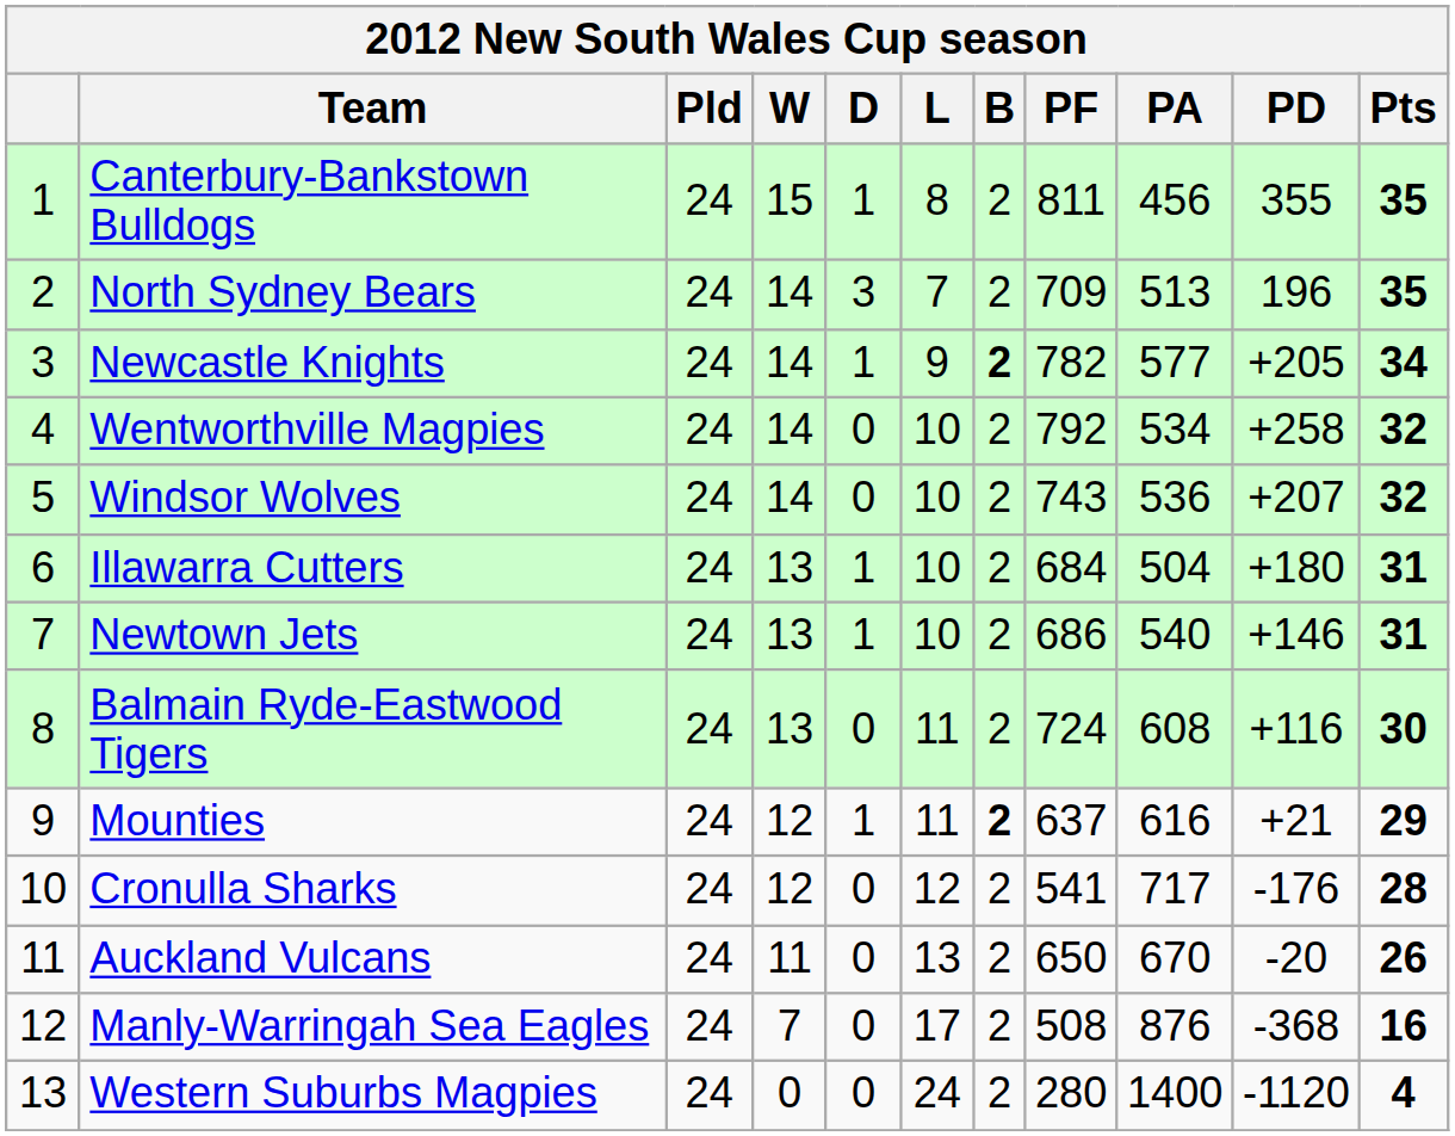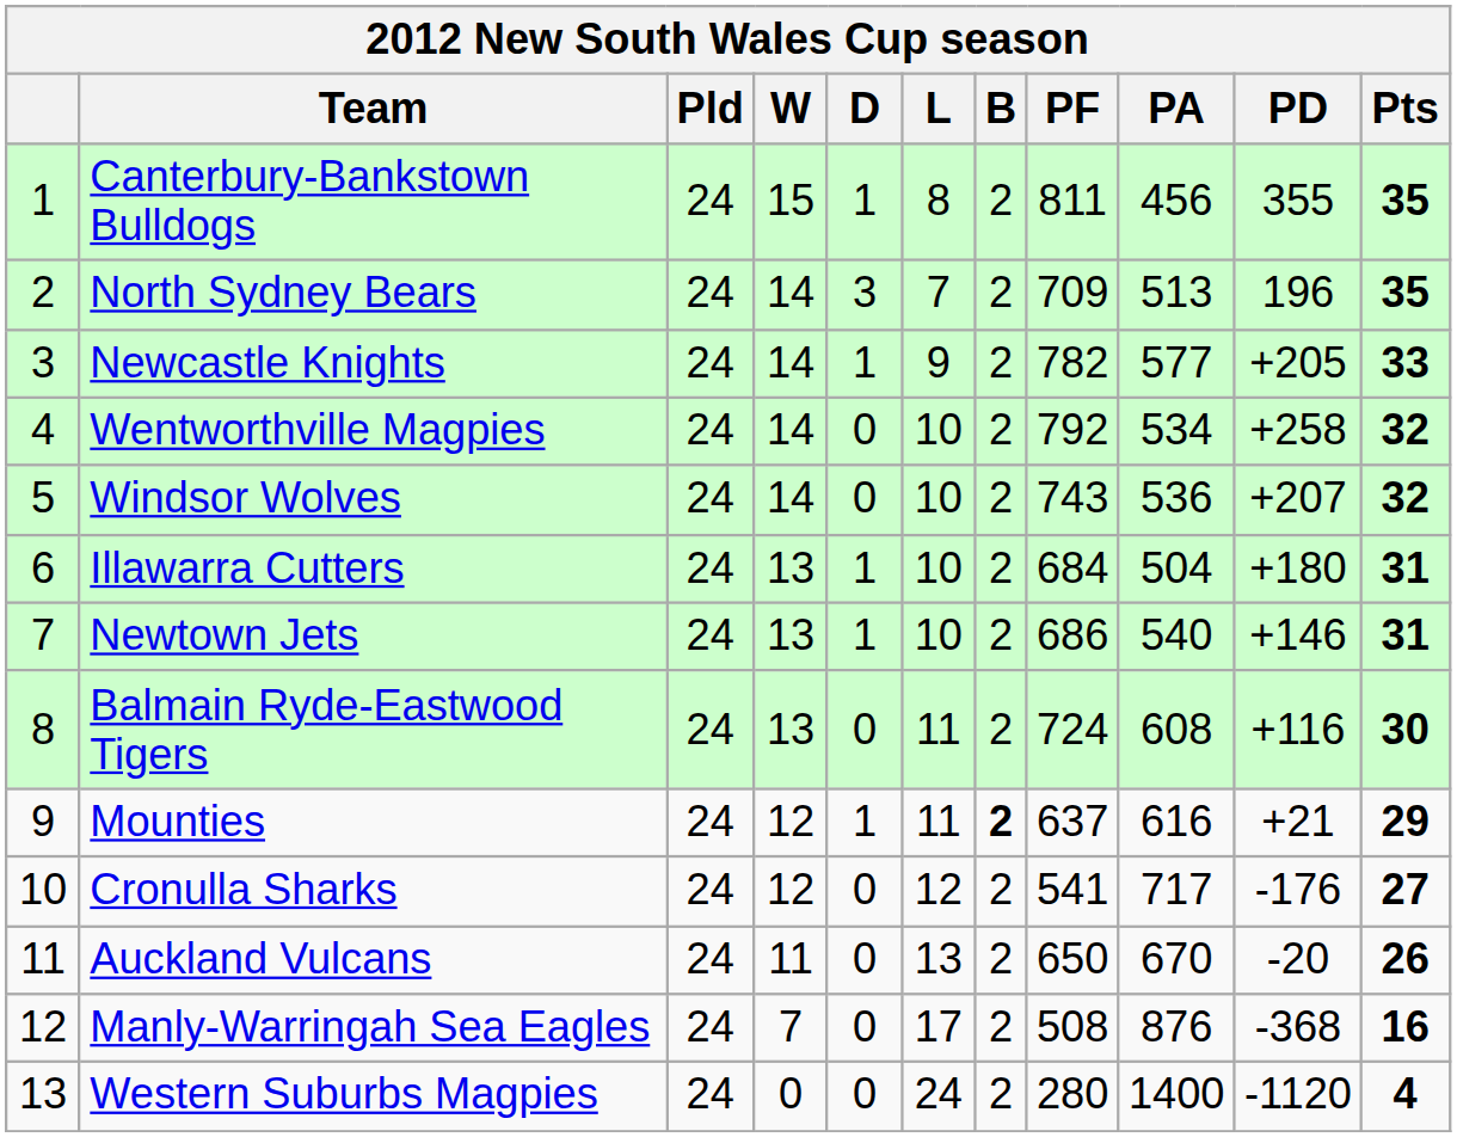 <table class="wikitable" style="text-align:center;">
 <tr>
 <th colspan="11">2012 New South Wales Cup season</th>
 </tr>
 <tr>
 <th width=20 abbr="Position"></th>
 <th width=210>Team</th>
 <th width=20 abbr="Played">Pld</th>
 <th width=20 abbr="Won">W</th>
 <th width=20 abbr="Drawn">D</th>
 <th width=20 abbr="Lost">L</th>
 <th withd=20 abbr="Byes">B</th>
 <th width=20 abbr="Points For">PF</th>
 <th width=20 abbr="Points Against">PA</th>
 <th width=30 abbr="Points Difference">PD</th>
 <th width=20 abbr="Points">Pts</th>
 </tr>
 <tr style="background: #ccffcc;">
 <td>1</td>
 <td style="text-align:left;"> <a href='#'>Canterbury-Bankstown Bulldogs</a></td>
 <td>24</td>
 <td>15</td>
 <td>1</td>
 <td>8</td>
 <td>2</td>
 <td>811</td>
 <td>456</td>
 <td>355</td>
 <td><strong>35</strong></td>
 </tr>
 <tr style="background: #ccffcc;">
 <td>2</td>
 <td style="text-align:left;"> <a href='#'>North Sydney Bears</a></td>
 <td>24</td>
 <td>14</td>
 <td>3</td>
 <td>7</td>
 <td>2</td>
 <td>709</td>
 <td>513</td>
 <td>196</td>
 <td><strong>35</strong></td>
 </tr>
 <tr style="background: #ccffcc;">
 <td>3</td>
 <td style="text-align:left;"> <a href='#'>Newcastle Knights</a></td>
 <td>24</td>
 <td>14</td>
 <td>1</td>
 <td>9</td>
-<td><strong>2</strong></td>
+<td>2</td>
 <td>782</td>
 <td>577</td>
 <td>+205</td>
-<td><strong>34</strong></td>
+<td><strong>33</strong></td>
 </tr>
 <tr style="background: #ccffcc;">
 <td>4</td>
 <td style="text-align:left;"> <a href='#'>Wentworthville Magpies</a></td>
 <td>24</td>
 <td>14</td>
 <td>0</td>
 <td>10</td>
 <td>2</td>
 <td>792</td>
 <td>534</td>
 <td>+258</td>
 <td><strong>32</strong></td>
 </tr>
 <tr style="background: #ccffcc;">
 <td>5</td>
 <td style="text-align:left;"> <a href='#'>Windsor Wolves</a></td>
 <td>24</td>
 <td>14</td>
 <td>0</td>
 <td>10</td>
 <td>2</td>
 <td>743</td>
 <td>536</td>
 <td>+207</td>
 <td><strong>32</strong></td>
 </tr>
 <tr style="background: #ccffcc;">
 <td>6</td>
 <td style="text-align:left;"> <a href='#'>Illawarra Cutters</a></td>
 <td>24</td>
 <td>13</td>
 <td>1</td>
 <td>10</td>
 <td>2</td>
 <td>684</td>
 <td>504</td>
 <td>+180</td>
 <td><strong>31</strong></td>
 </tr>
 <tr style="background: #ccffcc;">
 <td>7</td>
 <td style="text-align:left;"> <a href='#'>Newtown Jets</a></td>
 <td>24</td>
 <td>13</td>
 <td>1</td>
 <td>10</td>
 <td>2</td>
 <td>686</td>
 <td>540</td>
 <td>+146</td>
 <td><strong>31</strong></td>
 </tr>
 <tr style="background: #ccffcc;">
 <td>8</td>
 <td style="text-align:left;"> <a href='#'>Balmain Ryde-Eastwood Tigers</a></td>
 <td>24</td>
 <td>13</td>
 <td>0</td>
 <td>11</td>
 <td>2</td>
 <td>724</td>
 <td>608</td>
 <td>+116</td>
 <td><strong>30</strong></td>
 </tr>
 <tr style="background:">
 <td>9</td>
 <td style="text-align:left;"><a href='#'>Mounties</a></td>
 <td>24</td>
 <td>12</td>
 <td>1</td>
 <td>11</td>
 <td><strong>2</strong></td>
 <td>637</td>
 <td>616</td>
 <td>+21</td>
 <td><strong>29</strong></td>
 </tr>
 <tr style="background:">
 <td>10</td>
 <td style="text-align:left;"> <a href='#'>Cronulla Sharks</a></td>
 <td>24</td>
 <td>12</td>
 <td>0</td>
 <td>12</td>
 <td>2</td>
 <td>541</td>
 <td>717</td>
 <td>-176</td>
-<td><strong>28</strong></td>
+<td><strong>27</strong></td>
 </tr>
 <tr style="background:">
 <td>11</td>
 <td style="text-align:left;"> <a href='#'>Auckland Vulcans</a></td>
 <td>24</td>
 <td>11</td>
 <td>0</td>
 <td>13</td>
 <td>2</td>
 <td>650</td>
 <td>670</td>
 <td>-20</td>
 <td><strong>26</strong></td>
 </tr>
 <tr style="background:">
 <td>12</td>
 <td style="text-align:left;"> <a href='#'>Manly-Warringah Sea Eagles</a></td>
 <td>24</td>
 <td>7</td>
 <td>0</td>
 <td>17</td>
 <td>2</td>
 <td>508</td>
 <td>876</td>
 <td>-368</td>
 <td><strong>16</strong></td>
 </tr>
 <tr style="background:">
 <td>13</td>
 <td style="text-align:left;"> <a href='#'>Western Suburbs Magpies</a></td>
 <td>24</td>
 <td>0</td>
 <td>0</td>
 <td>24</td>
 <td>2</td>
 <td>280</td>
 <td>1400</td>
 <td>-1120</td>
 <td><strong>4</strong></td>
 </tr>
 <tr>
 </tr>
 </table>
